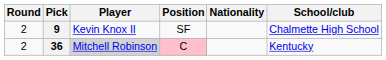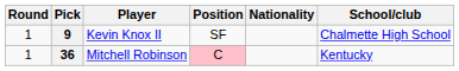 <table class="wikitable">
 <tr>
 <th scope="col">Round</th>
 <th scope="col">Pick</th>
 <th scope="col">Player</th>
 <th scope="col">Position</th>
 <th scope="col">Nationality</th>
 <th scope="col">School/club</th>
 </tr>
 <tr>
-<td style="text-align:center;">2</td>
+<td style="text-align:center;">1</td>
 <th scope="row">9</th>
 <td><a href='#'>Kevin Knox II</a></td>
 <td style="text-align:center;">SF</td>
 <td></td>
 <td><a href='#'>Chalmette High School</a></td>
 </tr>
 <tr>
-<td style="text-align:center;">2</td>
+<td style="text-align:center;">1</td>
 <th scope="row">36</th>
-<td style="background: lightgrey;"><a href='#'>Mitchell Robinson</a></td>
+<td><a href='#'>Mitchell Robinson</a></td>
 <td style="background: pink; text-align:center;">C</td>
 <td></td>
 <td><a href='#'>Kentucky</a></td>
 </tr>
 </table>
